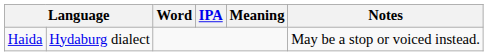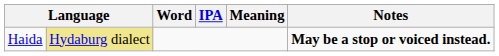 <table class=wikitable>
 <tr>
 <th colspan=2>Language</th>
 <th>Word</th>
 <th><a href='#'>IPA</a></th>
 <th>Meaning</th>
 <th>Notes</th>
 </tr>
 <tr>
 <td><a href='#'>Haida</a></td>
-<td><a href='#'>Hydaburg</a> dialect</td>
+<td style="background: khaki;"><a href='#'>Hydaburg</a> dialect</td>
 <td colspan=3 align=center></td>
-<td>May be a stop  or voiced  instead.</td>
+<td><strong>May be a stop  or voiced  instead.</strong></td>
 </tr>
 </table>
